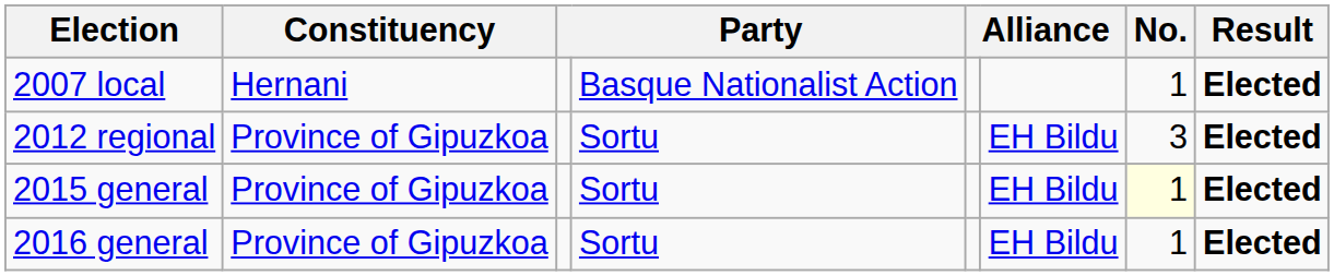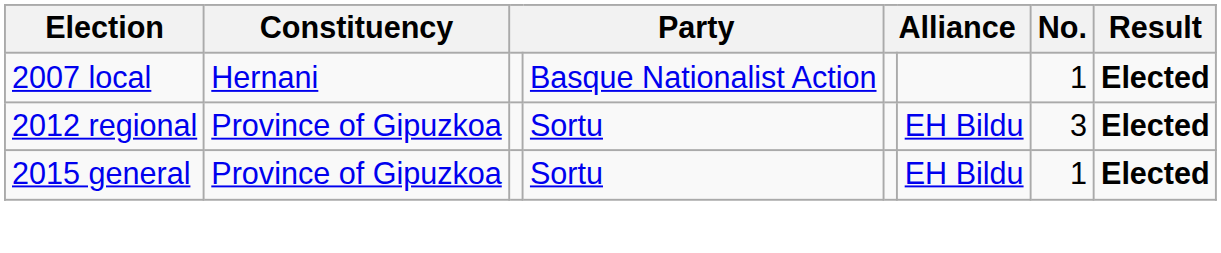 <table class="wikitable" style="text-align:left;">
 <tr>
 <th scope=col>Election</th>
 <th scope=col>Constituency</th>
 <th scope=col colspan="2">Party</th>
 <th scope=col colspan="2">Alliance</th>
 <th scope=col>No.</th>
 <th scope=col>Result</th>
 </tr>
 <tr>
 <td><a href='#'>2007 local</a></td>
 <td><a href='#'>Hernani</a></td>
 <td style="background:"></td>
 <td><a href='#'>Basque Nationalist Action</a></td>
 <td></td>
 <td></td>
 <td align=right>1</td>
 <td><strong>Elected</strong></td>
 </tr>
 <tr>
 <td><a href='#'>2012 regional</a></td>
 <td><a href='#'>Province of Gipuzkoa</a></td>
 <td style="background:"></td>
 <td><a href='#'>Sortu</a></td>
 <td style="background:"></td>
 <td><a href='#'>EH Bildu</a></td>
 <td align=right>3</td>
 <td><strong>Elected</strong></td>
 </tr>
 <tr>
 <td><a href='#'>2015 general</a></td>
 <td><a href='#'>Province of Gipuzkoa</a></td>
 <td style="background:"></td>
 <td><a href='#'>Sortu</a></td>
 <td style="background:"></td>
 <td><a href='#'>EH Bildu</a></td>
-<td align=right style="background: lightyellow;">1</td>
-<td><strong>Elected</strong></td>
-</tr>
-<tr>
-<td><a href='#'>2016 general</a></td>
-<td><a href='#'>Province of Gipuzkoa</a></td>
-<td style="background:"></td>
-<td><a href='#'>Sortu</a></td>
-<td style="background:"></td>
-<td><a href='#'>EH Bildu</a></td>
 <td align=right>1</td>
 <td><strong>Elected</strong></td>
 </tr>
 </table>
